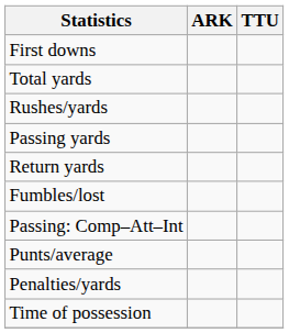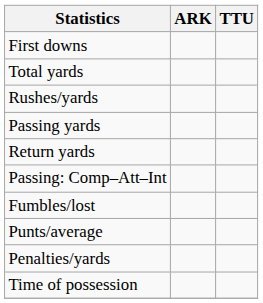 <table class="wikitable" style="float: left;">
 <tr>
 <th>Statistics</th>
 <th>ARK</th>
 <th>TTU</th>
 </tr>
 <tr>
 <td>First downs</td>
 <td></td>
 <td></td>
 </tr>
 <tr>
 <td>Total yards</td>
 <td></td>
 <td></td>
 </tr>
 <tr>
 <td>Rushes/yards</td>
 <td></td>
 <td></td>
 </tr>
 <tr>
 <td>Passing yards</td>
 <td></td>
 <td></td>
 </tr>
 <tr>
 <td>Return yards</td>
 <td></td>
 <td></td>
 </tr>
 <tr>
-<td>Fumbles/lost</td>
+<td>Passing: Comp–Att–Int</td>
 <td></td>
 <td></td>
 </tr>
 <tr>
-<td>Passing: Comp–Att–Int</td>
+<td>Fumbles/lost</td>
 <td></td>
 <td></td>
 </tr>
 <tr>
 <td>Punts/average</td>
 <td></td>
 <td></td>
 </tr>
 <tr>
 <td>Penalties/yards</td>
 <td></td>
 <td></td>
 </tr>
 <tr>
 <td>Time of possession</td>
 <td></td>
 <td></td>
 </tr>
 <tr>
 </tr>
 </table>
